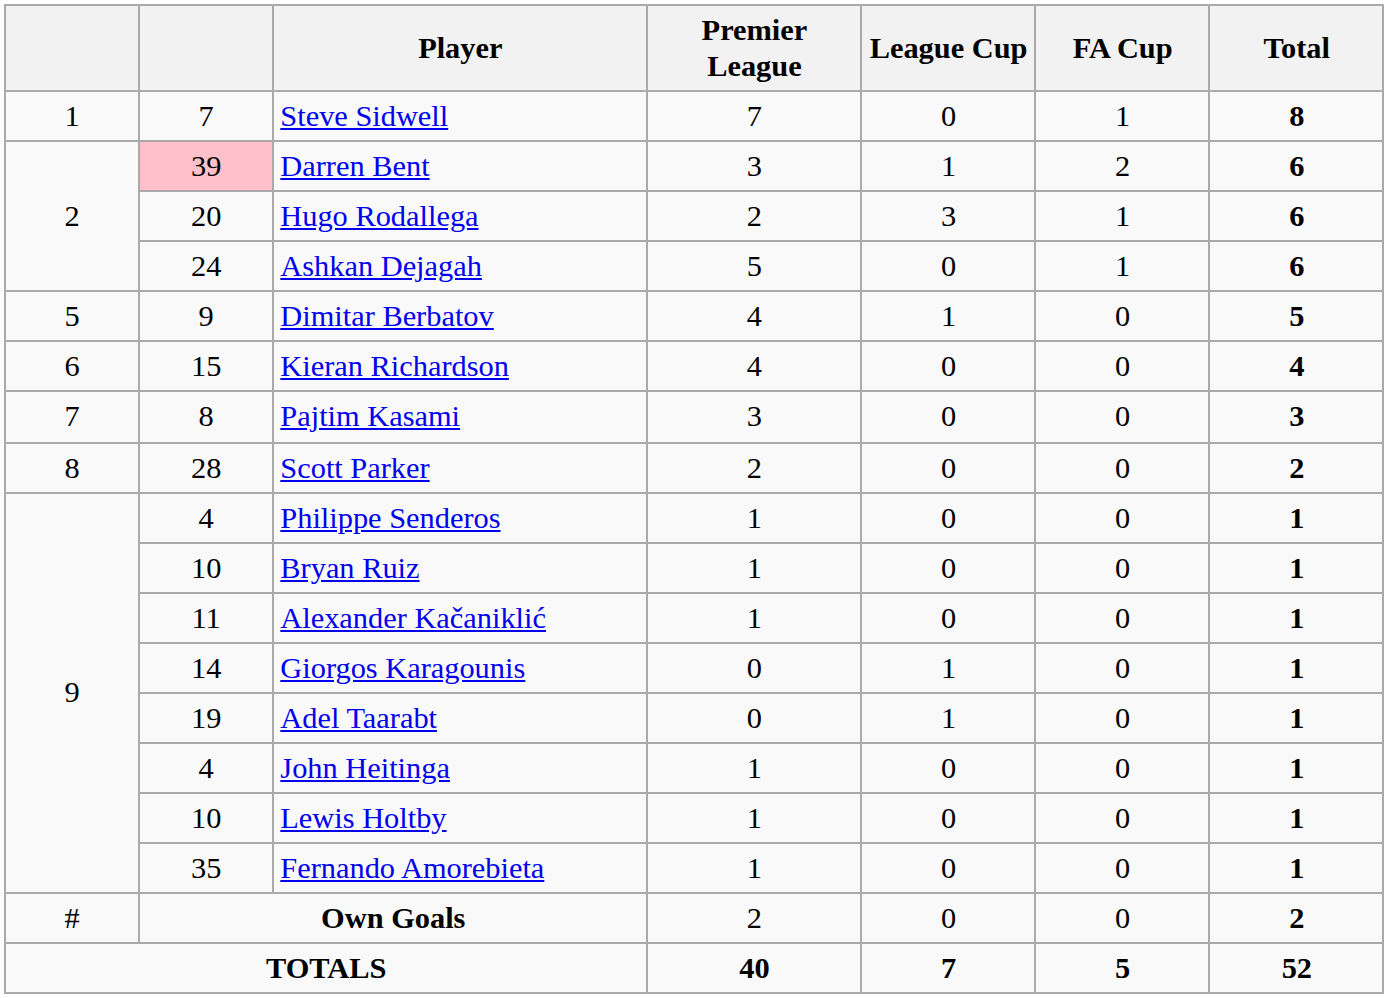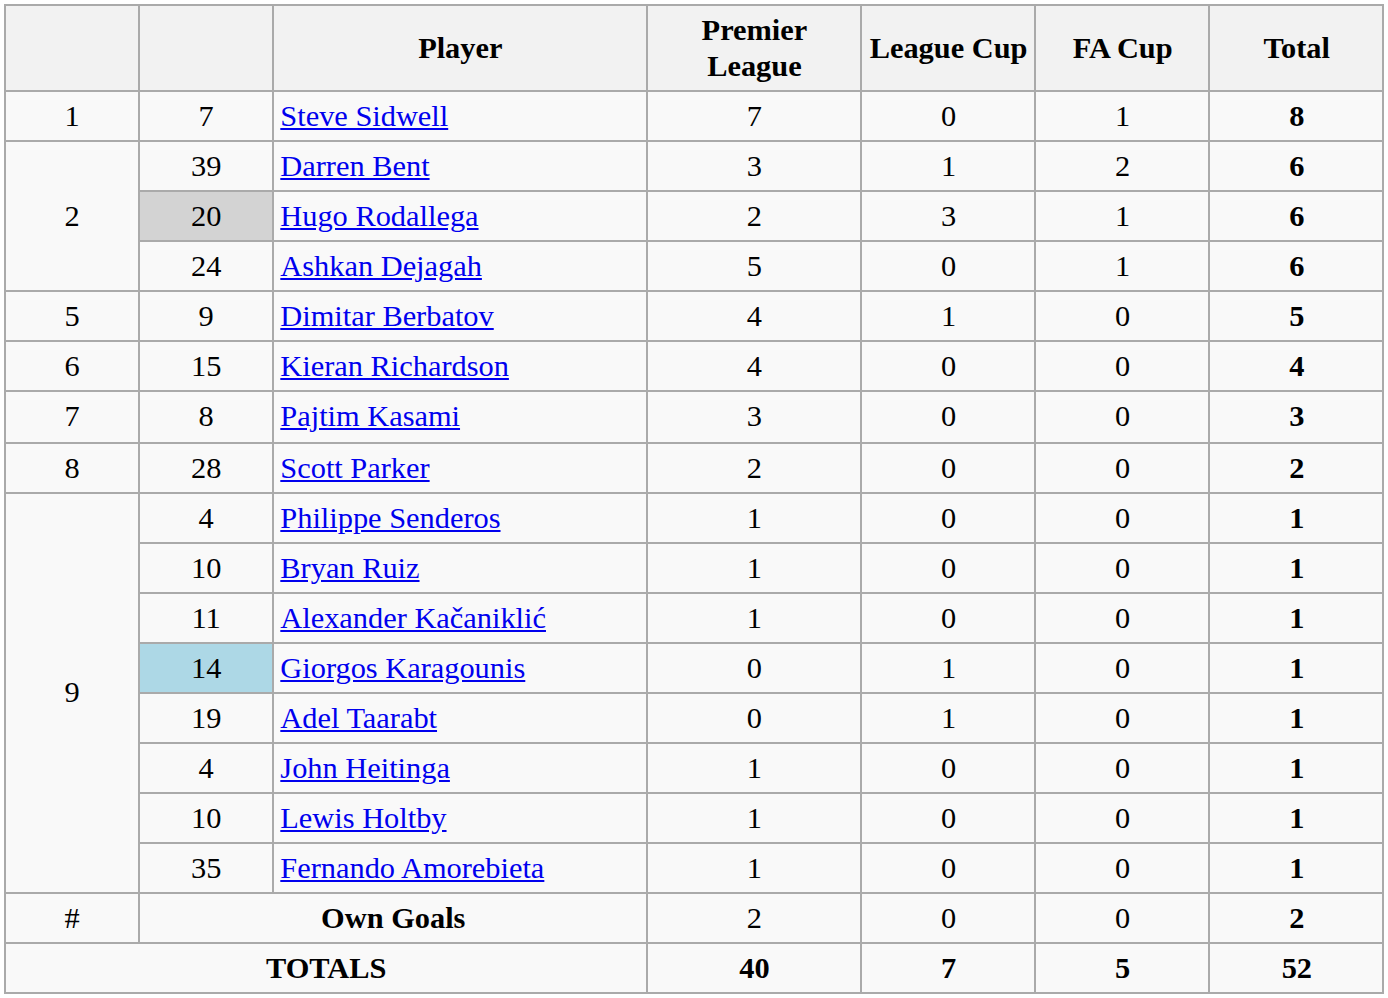 <table class="wikitable" style="font-size: 95%; text-align: center;">
 <tr>
 <th width=60></th>
 <th width=60></th>
 <th width=180>Player</th>
 <th width=100>Premier League</th>
 <th width=80>League Cup</th>
 <th width=80>FA Cup</th>
 <th width=80>Total</th>
 </tr>
 <tr>
 <td rowspan="1">1</td>
 <td>7</td>
 <td align=left> <a href='#'>Steve Sidwell</a></td>
 <td>7</td>
 <td>0</td>
 <td>1</td>
 <td><strong>8</strong></td>
 </tr>
 <tr>
 <td rowspan="3">2</td>
-<td style="background: pink;">39</td>
+<td>39</td>
 <td align=left> <a href='#'>Darren Bent</a></td>
 <td>3</td>
 <td>1</td>
 <td>2</td>
 <td><strong>6</strong></td>
 </tr>
 <tr>
-<td>20</td>
+<td style="background: lightgrey;">20</td>
 <td align=left> <a href='#'>Hugo Rodallega</a></td>
 <td>2</td>
 <td>3</td>
 <td>1</td>
 <td><strong>6</strong></td>
 </tr>
 <tr>
 <td>24</td>
 <td align=left> <a href='#'>Ashkan Dejagah</a></td>
 <td>5</td>
 <td>0</td>
 <td>1</td>
 <td><strong>6</strong></td>
 </tr>
 <tr>
 <td rowspan="1">5</td>
 <td>9</td>
 <td align=left> <a href='#'>Dimitar Berbatov</a></td>
 <td>4</td>
 <td>1</td>
 <td>0</td>
 <td><strong>5</strong></td>
 </tr>
 <tr>
 <td rowspan="1">6</td>
 <td>15</td>
 <td align=left> <a href='#'>Kieran Richardson</a></td>
 <td>4</td>
 <td>0</td>
 <td>0</td>
 <td><strong>4</strong></td>
 </tr>
 <tr>
 <td rowspan="1">7</td>
 <td>8</td>
 <td align=left> <a href='#'>Pajtim Kasami</a></td>
 <td>3</td>
 <td>0</td>
 <td>0</td>
 <td><strong>3</strong></td>
 </tr>
 <tr>
 <td rowspan="1">8</td>
 <td>28</td>
 <td align=left> <a href='#'>Scott Parker</a></td>
 <td>2</td>
 <td>0</td>
 <td>0</td>
 <td><strong>2</strong></td>
 </tr>
 <tr>
 <td rowspan="8">9</td>
 <td>4</td>
 <td align=left> <a href='#'>Philippe Senderos</a></td>
 <td>1</td>
 <td>0</td>
 <td>0</td>
 <td><strong>1</strong></td>
 </tr>
 <tr>
 <td>10</td>
 <td align=left> <a href='#'>Bryan Ruiz</a></td>
 <td>1</td>
 <td>0</td>
 <td>0</td>
 <td><strong>1</strong></td>
 </tr>
 <tr>
 <td>11</td>
 <td align=left> <a href='#'>Alexander Kačaniklić</a></td>
 <td>1</td>
 <td>0</td>
 <td>0</td>
 <td><strong>1</strong></td>
 </tr>
 <tr>
-<td>14</td>
+<td style="background: lightblue;">14</td>
 <td align=left> <a href='#'>Giorgos Karagounis</a></td>
 <td>0</td>
 <td>1</td>
 <td>0</td>
 <td><strong>1</strong></td>
 </tr>
 <tr>
 <td>19</td>
 <td align=left> <a href='#'>Adel Taarabt</a></td>
 <td>0</td>
 <td>1</td>
 <td>0</td>
 <td><strong>1</strong></td>
 </tr>
 <tr>
 <td>4</td>
 <td align=left> <a href='#'>John Heitinga</a></td>
 <td>1</td>
 <td>0</td>
 <td>0</td>
 <td><strong>1</strong></td>
 </tr>
 <tr>
 <td>10</td>
 <td align=left> <a href='#'>Lewis Holtby</a></td>
 <td>1</td>
 <td>0</td>
 <td>0</td>
 <td><strong>1</strong></td>
 </tr>
 <tr>
 <td>35</td>
 <td align=left> <a href='#'>Fernando Amorebieta</a></td>
 <td>1</td>
 <td>0</td>
 <td>0</td>
 <td><strong>1</strong></td>
 </tr>
 <tr>
 <td>#</td>
 <td colspan=2><strong>Own Goals</strong></td>
 <td>2</td>
 <td>0</td>
 <td>0</td>
 <td><strong>2</strong></td>
 </tr>
 <tr>
 <td colspan=3><strong>TOTALS</strong></td>
 <td><strong>40</strong></td>
 <td><strong>7</strong></td>
 <td><strong>5</strong></td>
 <td><strong>52</strong></td>
 </tr>
 </table>
